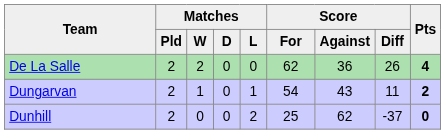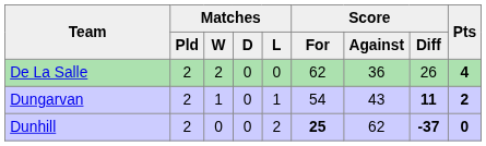 <table style=border-collapse:collapse border=1 cellspacing=0 cellpadding=5>
 <tr align=center bgcolor=#efefef>
 <th rowspan=2 width=165>Team</th>
 <th colspan=4>Matches</th>
 <th colspan=3>Score</th>
 <th rowspan=2width=20>Pts</th>
 </tr>
 <tr align=center bgcolor=#efefef>
 <th width=20>Pld</th>
 <th width=20>W</th>
 <th width=20>D</th>
 <th width=20>L</th>
 <th width=45>For</th>
 <th width=45>Against</th>
 <th width=30>Diff</th>
 </tr>
 <tr align=center  style="background:#ACE1AF;">
 <td style="text-align:left;"><a href='#'>De La Salle</a></td>
 <td>2</td>
 <td>2</td>
 <td>0</td>
 <td>0</td>
 <td>62</td>
 <td>36</td>
 <td>26</td>
 <td><strong>4</strong></td>
 </tr>
 <tr align=center  style="background:#ccccff;">
 <td style="text-align:left;"><a href='#'>Dungarvan</a></td>
 <td>2</td>
 <td>1</td>
 <td>0</td>
 <td>1</td>
 <td>54</td>
 <td>43</td>
-<td>11</td>
+<td><strong>11</strong></td>
 <td><strong>2</strong></td>
 </tr>
 <tr align=center style="background:#ccccff;">
 <td style="text-align:left;"><a href='#'>Dunhill</a></td>
 <td>2</td>
 <td>0</td>
 <td>0</td>
 <td>2</td>
-<td>25</td>
+<td><strong>25</strong></td>
 <td>62</td>
-<td>-37</td>
+<td><strong>-37</strong></td>
 <td><strong>0</strong></td>
 </tr>
 </table>
